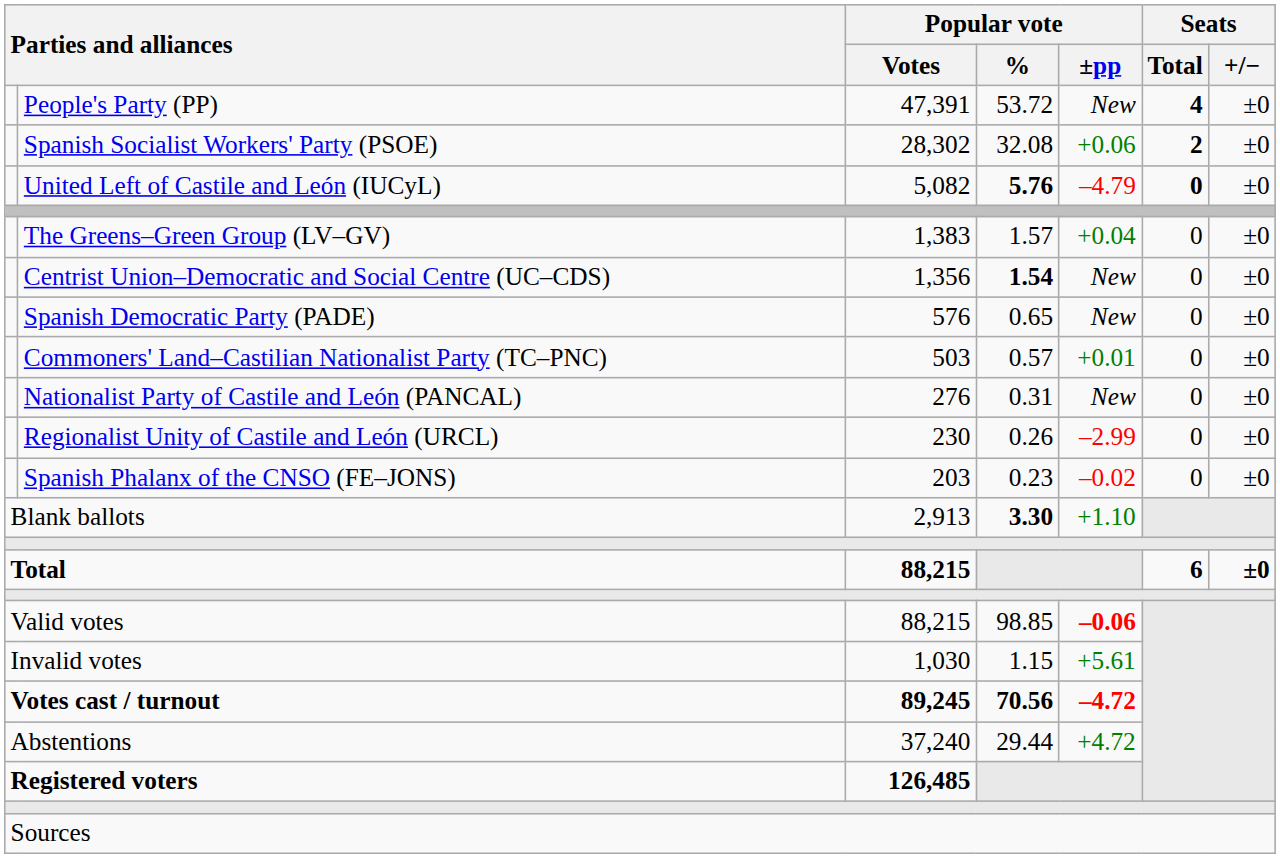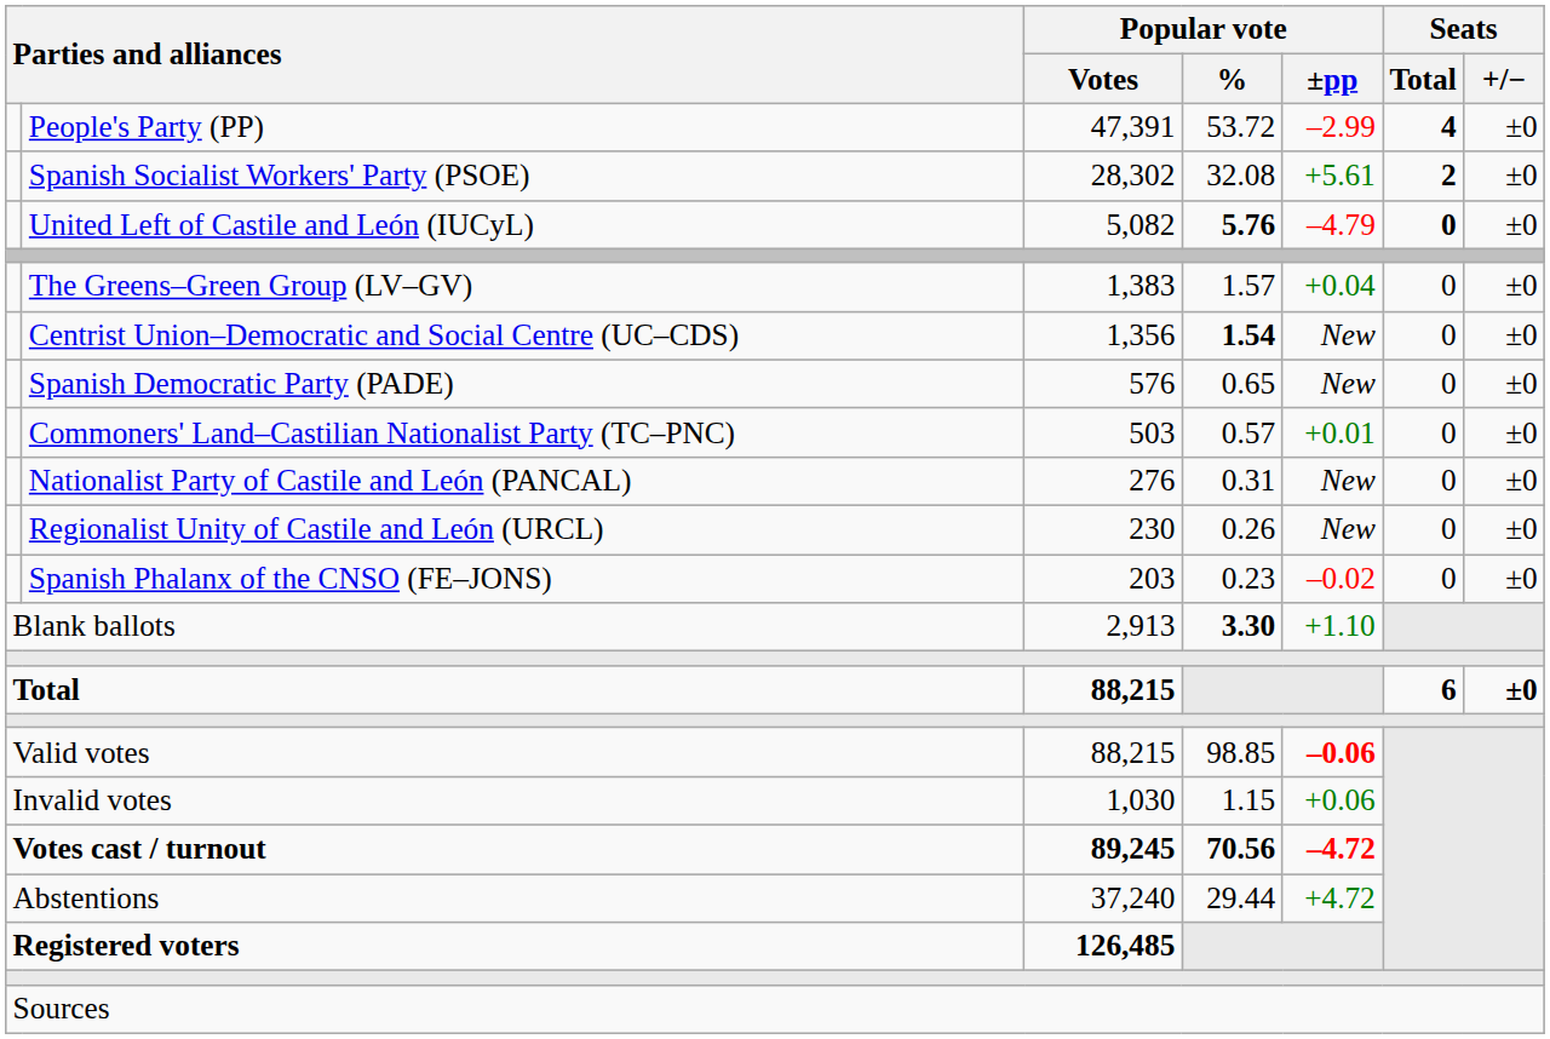 <table class="wikitable" style="text-align:right;">
 <tr>
 <th style="text-align:left;" rowspan="2" colspan="2" width="525">Parties and alliances</th>
 <th colspan="3">Popular vote</th>
 <th colspan="2">Seats</th>
 </tr>
 <tr>
 <th width="75">Votes</th>
 <th width="45">%</th>
 <th width="45">±<a href='#'>pp</a></th>
 <th width="35">Total</th>
 <th width="35">+/−</th>
 </tr>
 <tr>
 <td width="1" style="color:inherit;background:"></td>
 <td align="left"><a href='#'>People's Party</a> (PP)</td>
 <td>47,391</td>
 <td>53.72</td>
-<td><em>New</em></td>
+<td style="color:red;">–2.99</td>
 <td><strong>4</strong></td>
 <td>±0</td>
 </tr>
 <tr>
 <td style="color:inherit;background:"></td>
 <td align="left"><a href='#'>Spanish Socialist Workers' Party</a> (PSOE)</td>
 <td>28,302</td>
 <td>32.08</td>
-<td style="color:green;">+0.06</td>
+<td style="color:green;">+5.61</td>
 <td><strong>2</strong></td>
 <td>±0</td>
 </tr>
 <tr>
 <td style="color:inherit;background:"></td>
 <td align="left"><a href='#'>United Left of Castile and León</a> (IUCyL)</td>
 <td>5,082</td>
 <td><strong>5.76</strong></td>
 <td style="color:red;">–4.79</td>
 <td><strong>0</strong></td>
 <td>±0</td>
 </tr>
 <tr>
 <td colspan="7" bgcolor="#C0C0C0"></td>
 </tr>
 <tr>
 <td style="color:inherit;background:"></td>
 <td align="left"><a href='#'>The Greens–Green Group</a> (LV–GV)</td>
 <td>1,383</td>
 <td>1.57</td>
 <td style="color:green;">+0.04</td>
 <td>0</td>
 <td>±0</td>
 </tr>
 <tr>
 <td style="color:inherit;background:"></td>
 <td align="left"><a href='#'>Centrist Union–Democratic and Social Centre</a> (UC–CDS)</td>
 <td>1,356</td>
 <td><strong>1.54</strong></td>
 <td><em>New</em></td>
 <td>0</td>
 <td>±0</td>
 </tr>
 <tr>
 <td style="color:inherit;background:"></td>
 <td align="left"><a href='#'>Spanish Democratic Party</a> (PADE)</td>
 <td>576</td>
 <td>0.65</td>
 <td><em>New</em></td>
 <td>0</td>
 <td>±0</td>
 </tr>
 <tr>
 <td style="color:inherit;background:"></td>
 <td align="left"><a href='#'>Commoners' Land–Castilian Nationalist Party</a> (TC–PNC)</td>
 <td>503</td>
 <td>0.57</td>
 <td style="color:green;">+0.01</td>
 <td>0</td>
 <td>±0</td>
 </tr>
 <tr>
 <td style="color:inherit;background:"></td>
 <td align="left"><a href='#'>Nationalist Party of Castile and León</a> (PANCAL)</td>
 <td>276</td>
 <td>0.31</td>
 <td><em>New</em></td>
 <td>0</td>
 <td>±0</td>
 </tr>
 <tr>
 <td style="color:inherit;background:"></td>
 <td align="left"><a href='#'>Regionalist Unity of Castile and León</a> (URCL)</td>
 <td>230</td>
 <td>0.26</td>
-<td style="color:red;">–2.99</td>
+<td><em>New</em></td>
 <td>0</td>
 <td>±0</td>
 </tr>
 <tr>
 <td style="color:inherit;background:"></td>
 <td align="left"><a href='#'>Spanish Phalanx of the CNSO</a> (FE–JONS)</td>
 <td>203</td>
 <td>0.23</td>
 <td style="color:red;">–0.02</td>
 <td>0</td>
 <td>±0</td>
 </tr>
 <tr>
 <td align="left" colspan="2">Blank ballots</td>
 <td>2,913</td>
 <td><strong>3.30</strong></td>
 <td style="color:green;">+1.10</td>
 <td bgcolor="#E9E9E9" colspan="2"></td>
 </tr>
 <tr>
 <td colspan="7" bgcolor="#E9E9E9"></td>
 </tr>
 <tr style="font-weight:bold;">
 <td align="left" colspan="2">Total</td>
 <td>88,215</td>
 <td bgcolor="#E9E9E9" colspan="2"></td>
 <td>6</td>
 <td>±0</td>
 </tr>
 <tr>
 <td colspan="7" bgcolor="#E9E9E9"></td>
 </tr>
 <tr>
 <td align="left" colspan="2">Valid votes</td>
 <td>88,215</td>
 <td>98.85</td>
 <td style="color:red;"><strong>–0.06</strong></td>
 <td bgcolor="#E9E9E9" colspan="2" rowspan="5"></td>
 </tr>
 <tr>
 <td align="left" colspan="2">Invalid votes</td>
 <td>1,030</td>
 <td>1.15</td>
-<td style="color:green;">+5.61</td>
+<td style="color:green;">+0.06</td>
 </tr>
 <tr style="font-weight:bold;">
 <td align="left" colspan="2">Votes cast / turnout</td>
 <td>89,245</td>
 <td>70.56</td>
 <td style="color:red;">–4.72</td>
 </tr>
 <tr>
 <td align="left" colspan="2">Abstentions</td>
 <td>37,240</td>
 <td>29.44</td>
 <td style="color:green;">+4.72</td>
 </tr>
 <tr style="font-weight:bold;">
 <td align="left" colspan="2">Registered voters</td>
 <td>126,485</td>
 <td bgcolor="#E9E9E9" colspan="2"></td>
 </tr>
 <tr>
 <td colspan="7" bgcolor="#E9E9E9"></td>
 </tr>
 <tr>
 <td align="left" colspan="7">Sources</td>
 </tr>
 </table>
